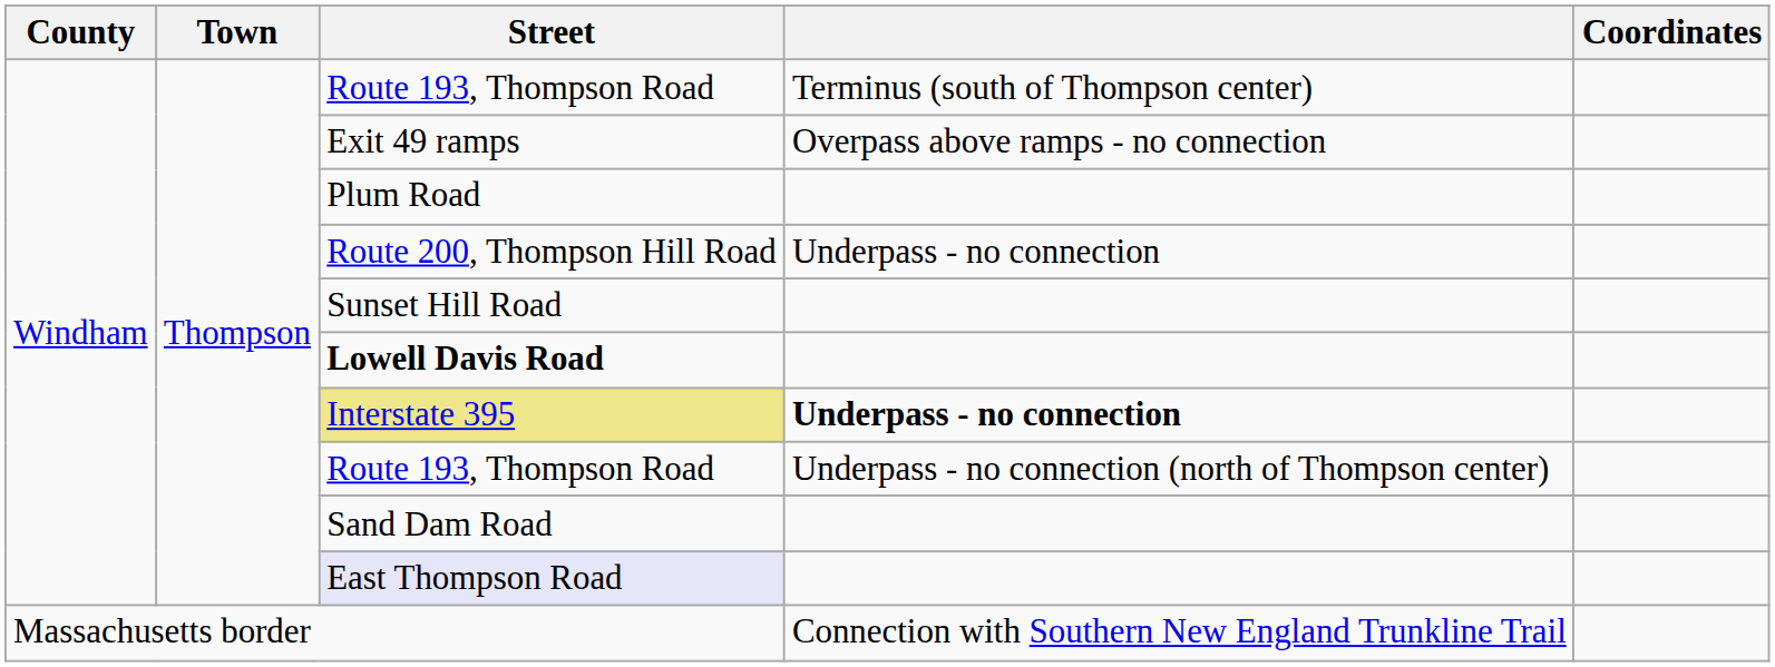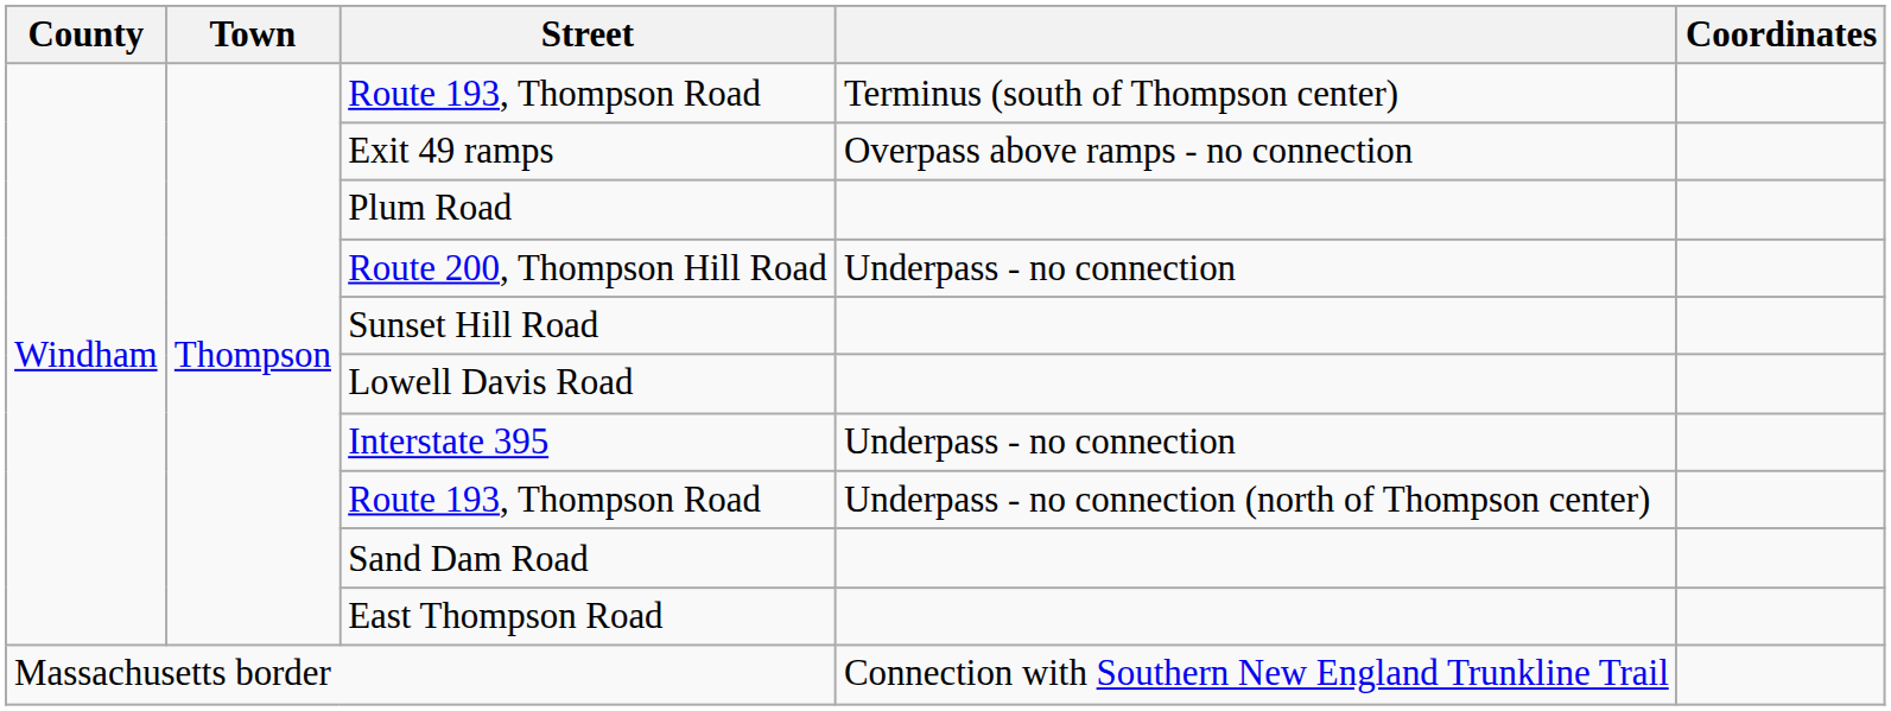 <table class="wikitable">
 <tr>
 <th>County</th>
 <th>Town</th>
 <th>Street</th>
 <th></th>
 <th>Coordinates</th>
 </tr>
 <tr>
 <td rowspan="10"><a href='#'>Windham</a></td>
 <td rowspan="10"><a href='#'>Thompson</a></td>
 <td> <a href='#'>Route 193</a>, Thompson Road</td>
 <td>Terminus (south of Thompson center)</td>
 <td></td>
 </tr>
 <tr>
 <td> Exit 49 ramps</td>
 <td>Overpass above ramps - no connection</td>
 <td></td>
 </tr>
 <tr>
 <td>Plum Road</td>
 <td></td>
 <td></td>
 </tr>
 <tr>
 <td> <a href='#'>Route 200</a>, Thompson Hill Road</td>
 <td>Underpass - no connection</td>
 <td></td>
 </tr>
 <tr>
 <td>Sunset Hill Road</td>
 <td></td>
 <td></td>
 </tr>
 <tr>
-<td><strong>Lowell Davis Road</strong></td>
+<td>Lowell Davis Road</td>
 <td></td>
 <td></td>
 </tr>
 <tr>
-<td style="background: khaki;"> <a href='#'>Interstate 395</a></td>
-<td><strong>Underpass - no connection</strong></td>
+<td> <a href='#'>Interstate 395</a></td>
+<td>Underpass - no connection</td>
 <td></td>
 </tr>
 <tr>
 <td> <a href='#'>Route 193</a>, Thompson Road</td>
 <td>Underpass - no connection (north of Thompson center)</td>
 <td></td>
 </tr>
 <tr>
 <td>Sand Dam Road</td>
 <td></td>
 <td></td>
 </tr>
 <tr>
-<td style="background: lavender;">East Thompson Road</td>
+<td>East Thompson Road</td>
 <td></td>
 <td></td>
 </tr>
 <tr>
 <td colspan="3">Massachusetts border</td>
 <td>Connection with <a href='#'>Southern New England Trunkline Trail</a></td>
 <td></td>
 </tr>
 </table>
